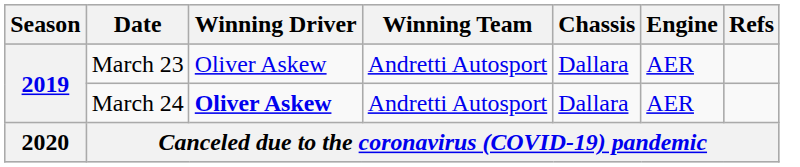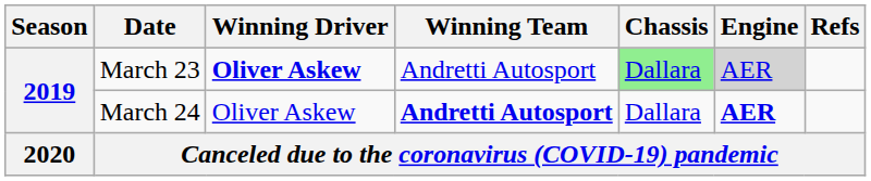 <table class="wikitable" style="font-size: 95%;">
 <tr>
 <th>Season</th>
 <th>Date</th>
 <th>Winning Driver</th>
 <th>Winning Team</th>
 <th>Chassis</th>
 <th>Engine</th>
 <th>Refs</th>
 </tr>
 <tr>
 <th Rowspan=2><a href='#'>2019</a></th>
 <td>March 23</td>
-<td> <a href='#'>Oliver Askew</a></td>
+<td><strong> <a href='#'>Oliver Askew</a></strong></td>
 <td><a href='#'>Andretti Autosport</a></td>
-<td><a href='#'>Dallara</a></td>
-<td><a href='#'>AER</a></td>
+<td style="background: lightgreen;"><a href='#'>Dallara</a></td>
+<td style="background: lightgrey;"><a href='#'>AER</a></td>
 <td></td>
 </tr>
 <tr>
 <td>March 24</td>
-<td><strong> <a href='#'>Oliver Askew</a></strong></td>
-<td><a href='#'>Andretti Autosport</a></td>
+<td> <a href='#'>Oliver Askew</a></td>
+<td><strong><a href='#'>Andretti Autosport</a></strong></td>
 <td><a href='#'>Dallara</a></td>
-<td><a href='#'>AER</a></td>
+<td><strong><a href='#'>AER</a></strong></td>
 <td></td>
 </tr>
 <tr>
 <th Rowspan=2>2020</th>
 <th colspan=10><em>Canceled due to the <a href='#'>coronavirus (COVID-19) pandemic</a></em></th>
 </tr>
 </table>
